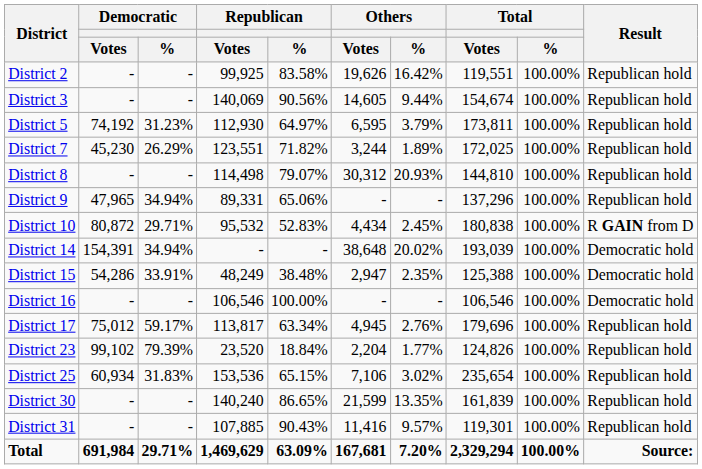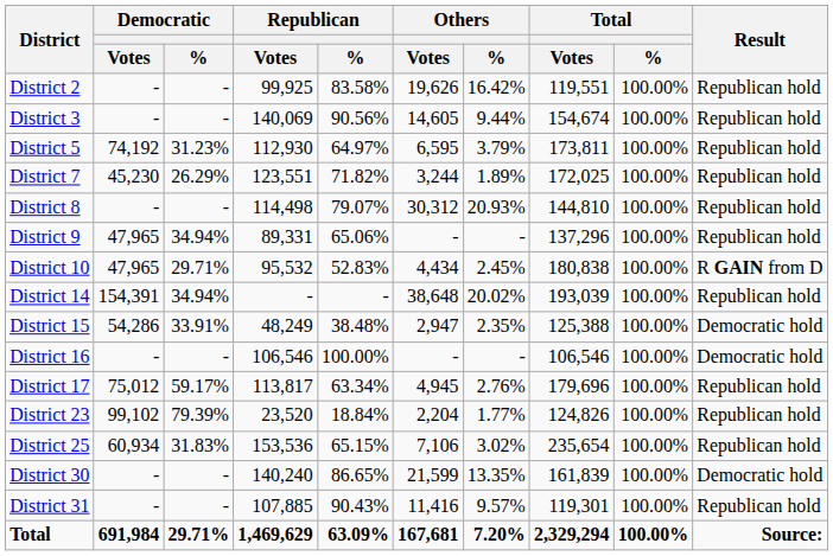 <table class="wikitable plainrowheaders sortable" style="font-size:100%; text-align:right;">
 <tr>
 <th rowspan="3">District</th>
 <th colspan="2">Democratic</th>
 <th colspan="2">Republican</th>
 <th colspan="2">Others</th>
 <th colspan="2">Total</th>
 <th rowspan="3">Result</th>
 </tr>
 <tr>
 <th colspan="2" style="background:"></th>
 <th colspan="2" style="background:"></th>
 <th colspan="2"></th>
 <th colspan="2"></th>
 </tr>
 <tr>
 <th scope=col data-sort-type="number">Votes</th>
 <th scope=col data-sort-type="number">%</th>
 <th scope=col data-sort-type="number">Votes</th>
 <th scope=col data-sort-type="number">%</th>
 <th scope=col data-sort-type="number">Votes</th>
 <th scope=col data-sort-type="number">%</th>
 <th scope=col data-sort-type="number">Votes</th>
 <th scope=col data-sort-type="number">%</th>
 </tr>
 <tr>
 <td align="left"><a href='#'>District 2</a></td>
 <td>-</td>
 <td>-</td>
 <td>99,925</td>
 <td>83.58%</td>
 <td>19,626</td>
 <td>16.42%</td>
 <td>119,551</td>
 <td>100.00%</td>
 <td align="left">Republican hold</td>
 </tr>
 <tr>
 <td align="left"><a href='#'>District 3</a></td>
 <td>-</td>
 <td>-</td>
 <td>140,069</td>
 <td>90.56%</td>
 <td>14,605</td>
 <td>9.44%</td>
 <td>154,674</td>
 <td>100.00%</td>
 <td align="left">Republican hold</td>
 </tr>
 <tr>
 <td align="left"><a href='#'>District 5</a></td>
 <td>74,192</td>
 <td>31.23%</td>
 <td>112,930</td>
 <td>64.97%</td>
 <td>6,595</td>
 <td>3.79%</td>
 <td>173,811</td>
 <td>100.00%</td>
 <td align="left">Republican hold</td>
 </tr>
 <tr>
 <td align="left"><a href='#'>District 7</a></td>
 <td>45,230</td>
 <td>26.29%</td>
 <td>123,551</td>
 <td>71.82%</td>
 <td>3,244</td>
 <td>1.89%</td>
 <td>172,025</td>
 <td>100.00%</td>
 <td align="left">Republican hold</td>
 </tr>
 <tr>
 <td align="left"><a href='#'>District 8</a></td>
 <td>-</td>
 <td>-</td>
 <td>114,498</td>
 <td>79.07%</td>
 <td>30,312</td>
 <td>20.93%</td>
 <td>144,810</td>
 <td>100.00%</td>
 <td align="left">Republican hold</td>
 </tr>
 <tr>
 <td align="left"><a href='#'>District 9</a></td>
 <td>47,965</td>
 <td>34.94%</td>
 <td>89,331</td>
 <td>65.06%</td>
 <td>-</td>
 <td>-</td>
 <td>137,296</td>
 <td>100.00%</td>
 <td align="left">Republican hold</td>
 </tr>
 <tr>
 <td align="left"><a href='#'>District 10</a></td>
-<td>80,872</td>
+<td>47,965</td>
 <td>29.71%</td>
 <td>95,532</td>
 <td>52.83%</td>
 <td>4,434</td>
 <td>2.45%</td>
 <td>180,838</td>
 <td>100.00%</td>
 <td align="left">R <strong>GAIN</strong> from D</td>
 </tr>
 <tr>
 <td align="left"><a href='#'>District 14</a></td>
 <td>154,391</td>
 <td>34.94%</td>
 <td>-</td>
 <td>-</td>
 <td>38,648</td>
 <td>20.02%</td>
 <td>193,039</td>
 <td>100.00%</td>
-<td align="left">Democratic hold</td>
+<td align="left">Republican hold</td>
 </tr>
 <tr>
 <td align="left"><a href='#'>District 15</a></td>
 <td>54,286</td>
 <td>33.91%</td>
 <td>48,249</td>
 <td>38.48%</td>
 <td>2,947</td>
 <td>2.35%</td>
 <td>125,388</td>
 <td>100.00%</td>
 <td align="left">Democratic hold</td>
 </tr>
 <tr>
 <td align="left"><a href='#'>District 16</a></td>
 <td>-</td>
 <td>-</td>
 <td>106,546</td>
 <td>100.00%</td>
 <td>-</td>
 <td>-</td>
 <td>106,546</td>
 <td>100.00%</td>
 <td align="left">Democratic hold</td>
 </tr>
 <tr>
 <td align="left"><a href='#'>District 17</a></td>
 <td>75,012</td>
 <td>59.17%</td>
 <td>113,817</td>
 <td>63.34%</td>
 <td>4,945</td>
 <td>2.76%</td>
 <td>179,696</td>
 <td>100.00%</td>
 <td align="left">Republican hold</td>
 </tr>
 <tr>
 <td align="left"><a href='#'>District 23</a></td>
 <td>99,102</td>
 <td>79.39%</td>
 <td>23,520</td>
 <td>18.84%</td>
 <td>2,204</td>
 <td>1.77%</td>
 <td>124,826</td>
 <td>100.00%</td>
 <td align="left">Republican hold</td>
 </tr>
 <tr>
 <td align="left"><a href='#'>District 25</a></td>
 <td>60,934</td>
 <td>31.83%</td>
 <td>153,536</td>
 <td>65.15%</td>
 <td>7,106</td>
 <td>3.02%</td>
 <td>235,654</td>
 <td>100.00%</td>
 <td align="left">Republican hold</td>
 </tr>
 <tr>
 <td align="left"><a href='#'>District 30</a></td>
 <td>-</td>
 <td>-</td>
 <td>140,240</td>
 <td>86.65%</td>
 <td>21,599</td>
 <td>13.35%</td>
 <td>161,839</td>
 <td>100.00%</td>
-<td align="left">Republican hold</td>
+<td align="left">Democratic hold</td>
 </tr>
 <tr>
 <td align="left"><a href='#'>District 31</a></td>
 <td>-</td>
 <td>-</td>
 <td>107,885</td>
 <td>90.43%</td>
 <td>11,416</td>
 <td>9.57%</td>
 <td>119,301</td>
 <td>100.00%</td>
 <td align="left">Republican hold</td>
 </tr>
 <tr class="sortbottom" style="font-weight:bold">
 <td align="left">Total</td>
 <td>691,984</td>
 <td>29.71%</td>
 <td>1,469,629</td>
 <td>63.09%</td>
 <td>167,681</td>
 <td>7.20%</td>
 <td>2,329,294</td>
 <td>100.00%</td>
 <td>Source:</td>
 </tr>
 </table>
